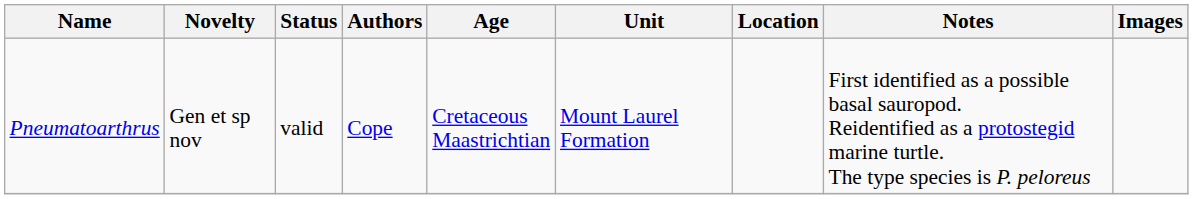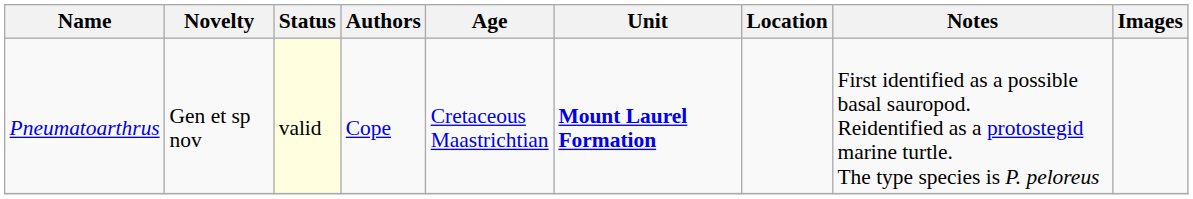 <table class="wikitable sortable" align="center" width="100%">
 <tr>
 <th>Name</th>
 <th>Novelty</th>
 <th>Status</th>
 <th>Authors</th>
 <th>Age</th>
 <th>Unit</th>
 <th>Location</th>
 <th>Notes</th>
 <th>Images</th>
 </tr>
 <tr>
 <td><br><em><a href='#'>Pneumatoarthrus</a></em></td>
 <td><br>Gen et sp nov</td>
-<td><br>valid</td>
+<td style="background: lightyellow;"><br>valid</td>
 <td><br><a href='#'>Cope</a></td>
 <td><br><a href='#'>Cretaceous</a><br> <a href='#'>Maastrichtian</a></td>
-<td><br><a href='#'>Mount Laurel Formation</a></td>
+<td><strong><br><a href='#'>Mount Laurel Formation</a></strong></td>
 <td><br><br></td>
 <td><br>First identified as a possible basal sauropod.<br>Reidentified as a <a href='#'>protostegid</a> marine turtle.<br>The type species is <em>P. peloreus</em></td>
 <td><br></td>
 </tr>
 <tr>
 </tr>
 </table>
